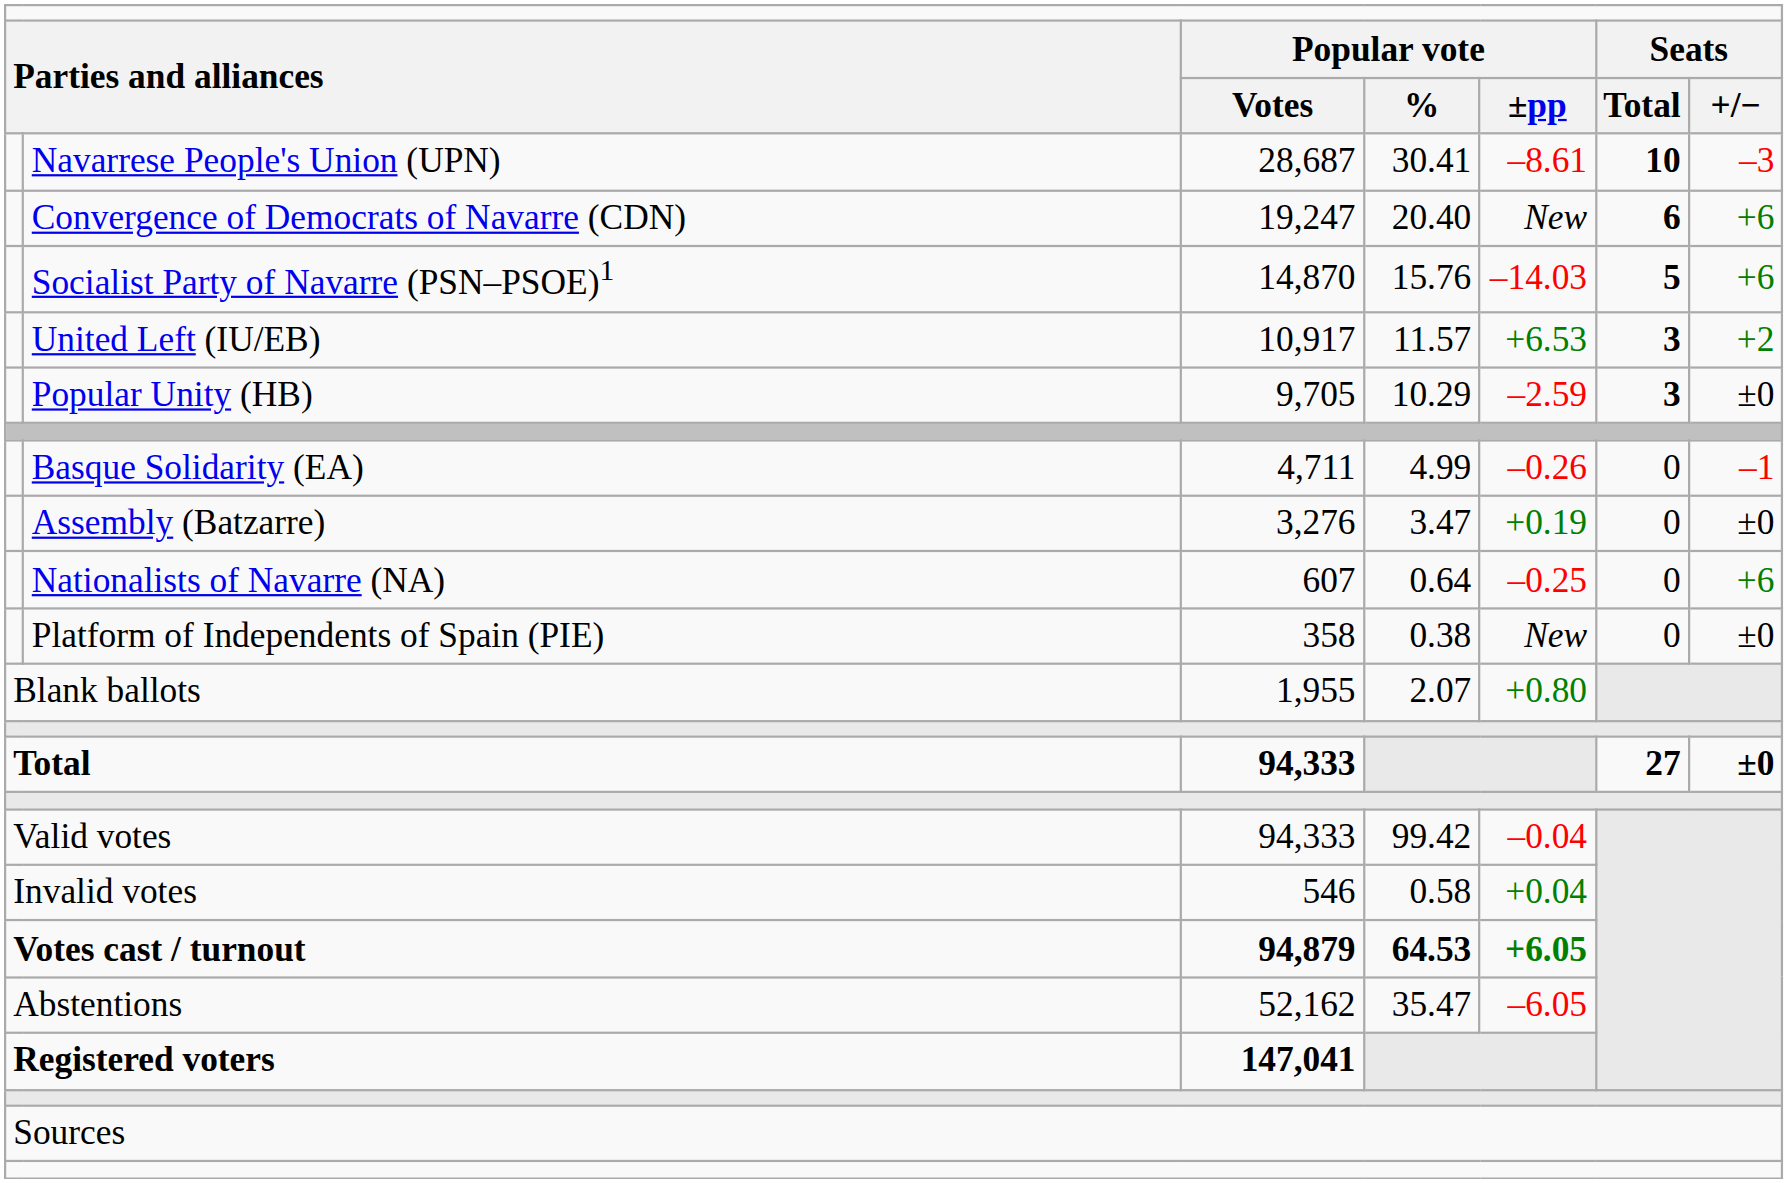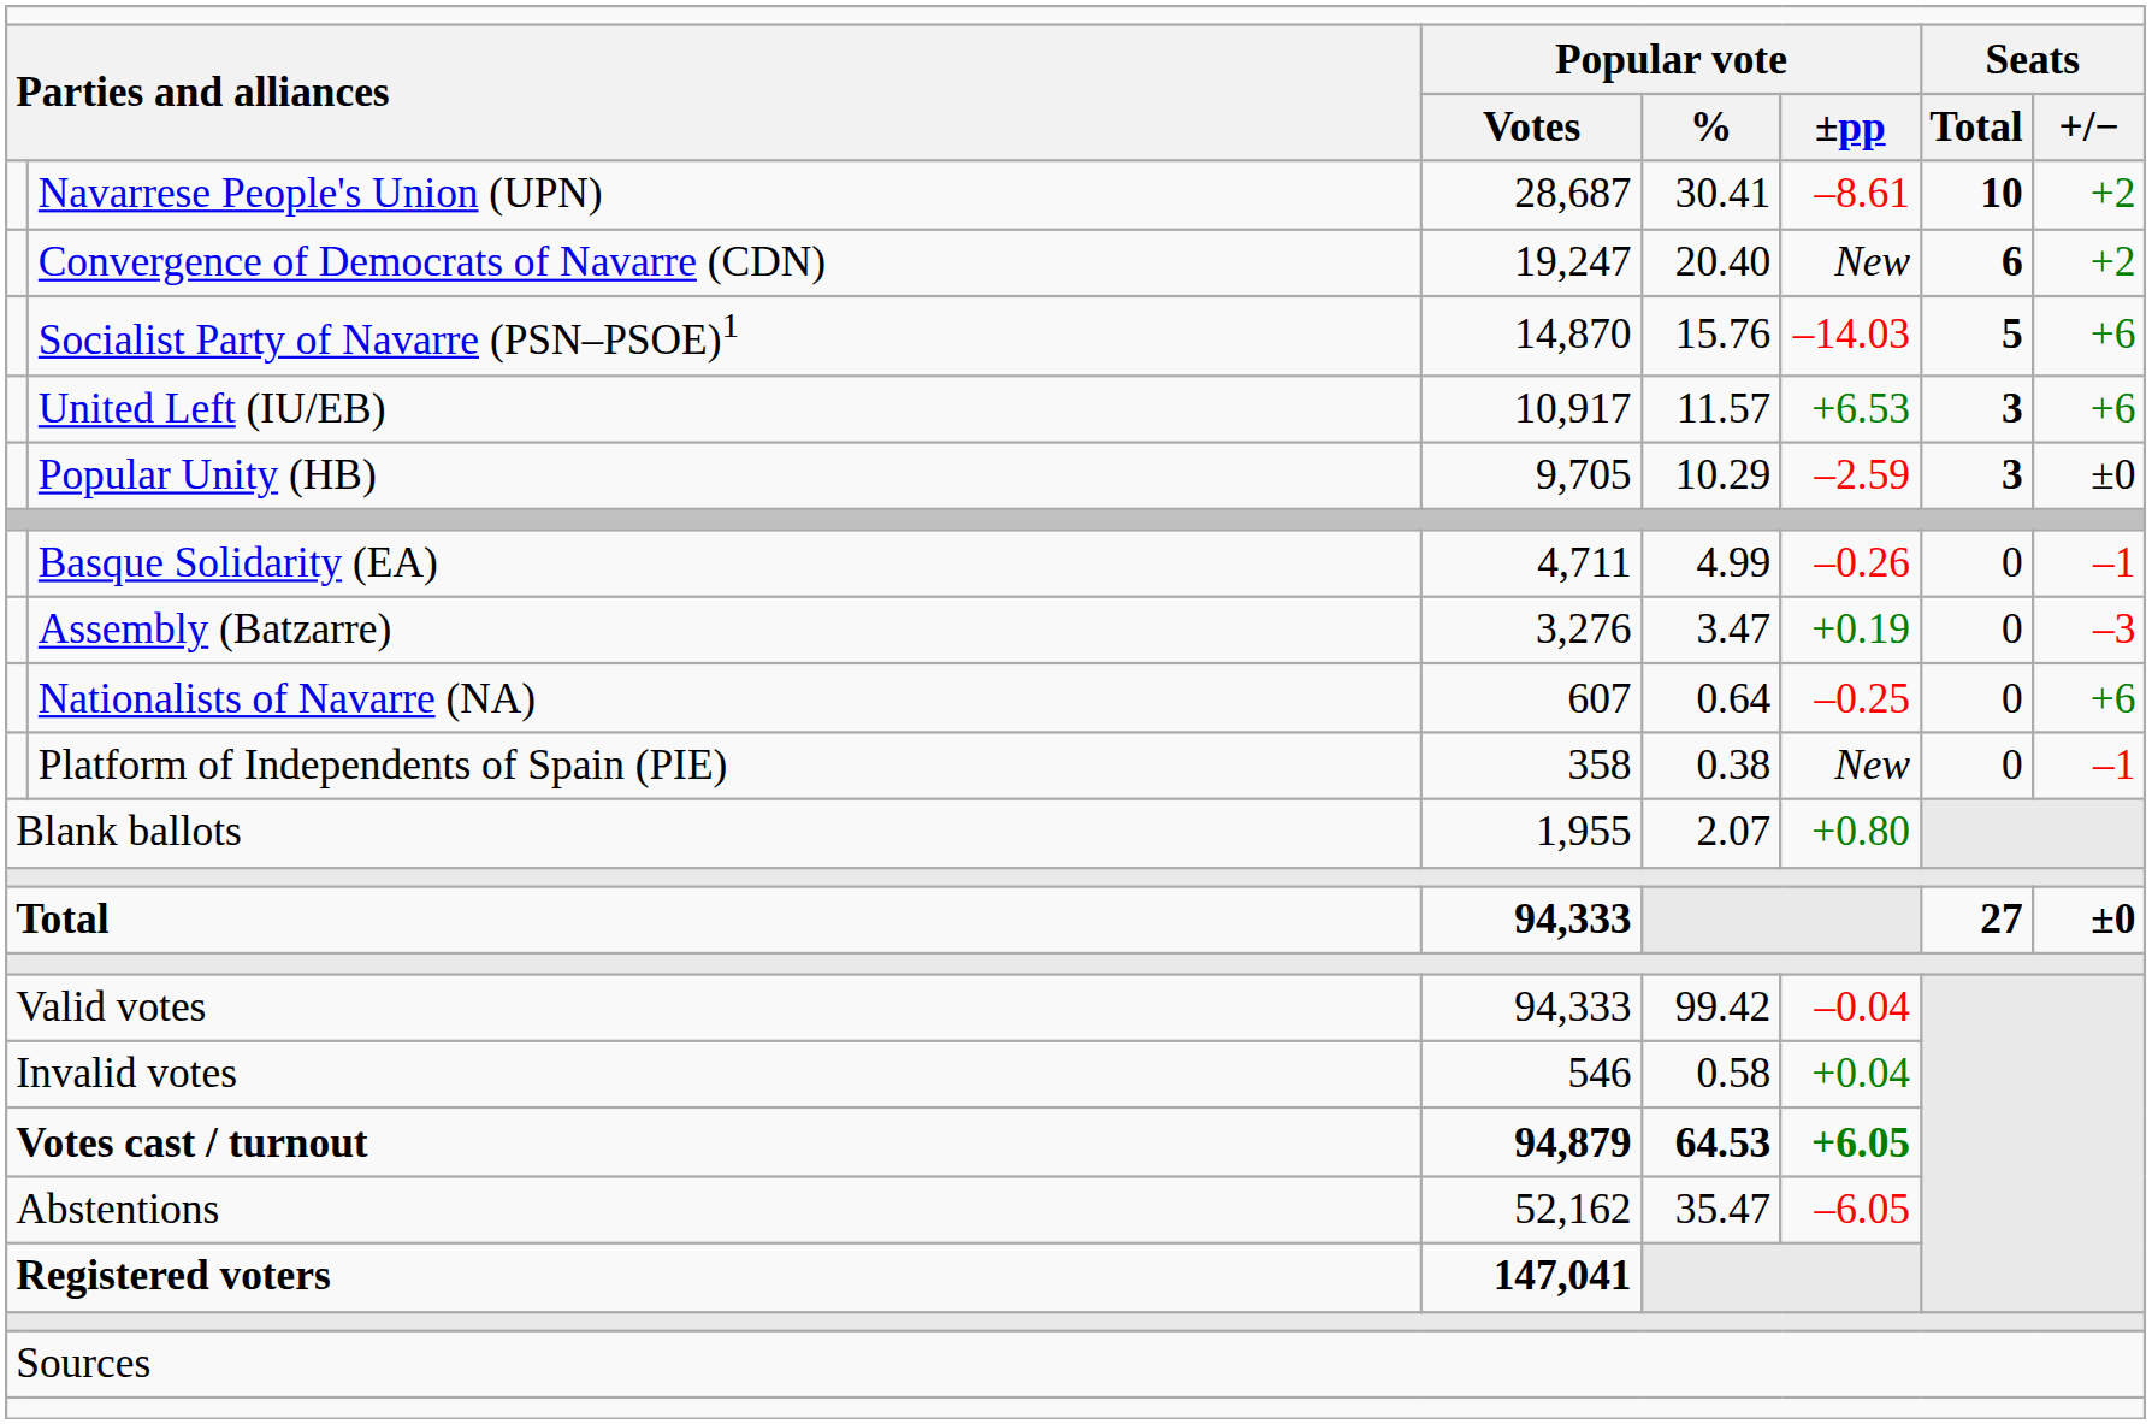 <table class="wikitable" style="text-align:right;">
 <tr>
 <td colspan="7"></td>
 </tr>
 <tr>
 <th style="text-align:left;" rowspan="2" colspan="2" width="525">Parties and alliances</th>
 <th colspan="3">Popular vote</th>
 <th colspan="2">Seats</th>
 </tr>
 <tr>
 <th width="75">Votes</th>
 <th width="45">%</th>
 <th width="45">±<a href='#'>pp</a></th>
 <th width="35">Total</th>
 <th width="35">+/−</th>
 </tr>
 <tr>
 <td width="1" style="color:inherit;background:"></td>
 <td align="left"><a href='#'>Navarrese People's Union</a> (UPN)</td>
 <td>28,687</td>
 <td>30.41</td>
 <td style="color:red;">–8.61</td>
 <td><strong>10</strong></td>
-<td style="color:red;">–3</td>
+<td style="color:green;">+2</td>
 </tr>
 <tr>
 <td style="color:inherit;background:"></td>
 <td align="left"><a href='#'>Convergence of Democrats of Navarre</a> (CDN)</td>
 <td>19,247</td>
 <td>20.40</td>
 <td><em>New</em></td>
 <td><strong>6</strong></td>
-<td style="color:green;">+6</td>
+<td style="color:green;">+2</td>
 </tr>
 <tr>
 <td style="color:inherit;background:"></td>
 <td align="left"><a href='#'>Socialist Party of Navarre</a> (PSN–PSOE)<sup>1</sup></td>
 <td>14,870</td>
 <td>15.76</td>
 <td style="color:red;">–14.03</td>
 <td><strong>5</strong></td>
 <td style="color:green;">+6</td>
 </tr>
 <tr>
 <td style="color:inherit;background:"></td>
 <td align="left"><a href='#'>United Left</a> (IU/EB)</td>
 <td>10,917</td>
 <td>11.57</td>
 <td style="color:green;">+6.53</td>
 <td><strong>3</strong></td>
-<td style="color:green;">+2</td>
+<td style="color:green;">+6</td>
 </tr>
 <tr>
 <td style="color:inherit;background:"></td>
 <td align="left"><a href='#'>Popular Unity</a> (HB)</td>
 <td>9,705</td>
 <td>10.29</td>
 <td style="color:red;">–2.59</td>
 <td><strong>3</strong></td>
 <td>±0</td>
 </tr>
 <tr>
 <td colspan="7" bgcolor="#C0C0C0"></td>
 </tr>
 <tr>
 <td style="color:inherit;background:"></td>
 <td align="left"><a href='#'>Basque Solidarity</a> (EA)</td>
 <td>4,711</td>
 <td>4.99</td>
 <td style="color:red;">–0.26</td>
 <td>0</td>
 <td style="color:red;">–1</td>
 </tr>
 <tr>
 <td style="color:inherit;background:"></td>
 <td align="left"><a href='#'>Assembly</a> (Batzarre)</td>
 <td>3,276</td>
 <td>3.47</td>
 <td style="color:green;">+0.19</td>
 <td>0</td>
-<td>±0</td>
+<td style="color:red;">–3</td>
 </tr>
 <tr>
 <td style="color:inherit;background:"></td>
 <td align="left"><a href='#'>Nationalists of Navarre</a> (NA)</td>
 <td>607</td>
 <td>0.64</td>
 <td style="color:red;">–0.25</td>
 <td>0</td>
 <td style="color:green;">+6</td>
 </tr>
 <tr>
 <td style="color:inherit;background:"></td>
 <td align="left">Platform of Independents of Spain (PIE)</td>
 <td>358</td>
 <td>0.38</td>
 <td><em>New</em></td>
 <td>0</td>
-<td>±0</td>
+<td style="color:red;">–1</td>
 </tr>
 <tr>
 <td align="left" colspan="2">Blank ballots</td>
 <td>1,955</td>
 <td>2.07</td>
 <td style="color:green;">+0.80</td>
 <td bgcolor="#E9E9E9" colspan="2"></td>
 </tr>
 <tr>
 <td colspan="7" bgcolor="#E9E9E9"></td>
 </tr>
 <tr style="font-weight:bold;">
 <td align="left" colspan="2">Total</td>
 <td>94,333</td>
 <td bgcolor="#E9E9E9" colspan="2"></td>
 <td>27</td>
 <td>±0</td>
 </tr>
 <tr>
 <td colspan="7" bgcolor="#E9E9E9"></td>
 </tr>
 <tr>
 <td align="left" colspan="2">Valid votes</td>
 <td>94,333</td>
 <td>99.42</td>
 <td style="color:red;">–0.04</td>
 <td bgcolor="#E9E9E9" colspan="2" rowspan="5"></td>
 </tr>
 <tr>
 <td align="left" colspan="2">Invalid votes</td>
 <td>546</td>
 <td>0.58</td>
 <td style="color:green;">+0.04</td>
 </tr>
 <tr style="font-weight:bold;">
 <td align="left" colspan="2">Votes cast / turnout</td>
 <td>94,879</td>
 <td>64.53</td>
 <td style="color:green;">+6.05</td>
 </tr>
 <tr>
 <td align="left" colspan="2">Abstentions</td>
 <td>52,162</td>
 <td>35.47</td>
 <td style="color:red;">–6.05</td>
 </tr>
 <tr style="font-weight:bold;">
 <td align="left" colspan="2">Registered voters</td>
 <td>147,041</td>
 <td bgcolor="#E9E9E9" colspan="2"></td>
 </tr>
 <tr>
 <td colspan="7" bgcolor="#E9E9E9"></td>
 </tr>
 <tr>
 <td align="left" colspan="7">Sources</td>
 </tr>
 <tr>
 <td colspan="7" style="text-align:left; max-width:790px;"></td>
 </tr>
 </table>
